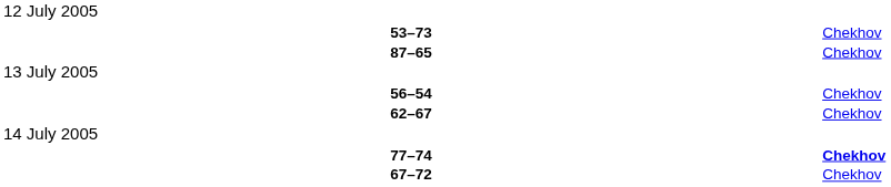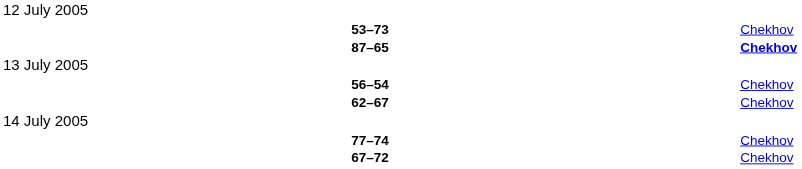 <table style="width:100%;" cellspacing="1">
 <tr>
 <th width=25%></th>
 <th width=3%></th>
 <th width=6%></th>
 <th width=3%></th>
 <th width=25%></th>
 </tr>
 <tr>
 <td>12 July 2005</td>
 </tr>
 <tr style=font-size:90%>
 <td align=right><strong></strong></td>
 <td></td>
 <td align=center><strong>53–73</strong></td>
 <td></td>
 <td><strong></strong></td>
 <td><a href='#'>Chekhov</a></td>
 </tr>
 <tr style=font-size:90%>
 <td align=right><strong></strong></td>
 <td></td>
 <td align=center><strong>87–65</strong></td>
 <td></td>
 <td><strong></strong></td>
-<td><a href='#'>Chekhov</a></td>
+<td><strong><a href='#'>Chekhov</a></strong></td>
 </tr>
 <tr>
 <td>13 July 2005</td>
 </tr>
 <tr style=font-size:90%>
 <td align=right><strong></strong></td>
 <td></td>
 <td align=center><strong>56–54</strong></td>
 <td></td>
 <td><strong></strong></td>
 <td><a href='#'>Chekhov</a></td>
 </tr>
 <tr style=font-size:90%>
 <td align=right><strong></strong></td>
 <td></td>
 <td align=center><strong>62–67</strong></td>
 <td></td>
 <td><strong></strong></td>
 <td><a href='#'>Chekhov</a></td>
 </tr>
 <tr>
 <td>14 July 2005</td>
 </tr>
 <tr style=font-size:90%>
 <td align=right><strong></strong></td>
 <td></td>
 <td align=center><strong>77–74</strong></td>
 <td></td>
 <td><strong></strong></td>
-<td><strong><a href='#'>Chekhov</a></strong></td>
+<td><a href='#'>Chekhov</a></td>
 </tr>
 <tr style=font-size:90%>
 <td align=right><strong></strong></td>
 <td></td>
 <td align=center><strong>67–72</strong></td>
 <td></td>
 <td><strong></strong></td>
 <td><a href='#'>Chekhov</a></td>
 </tr>
 </table>
